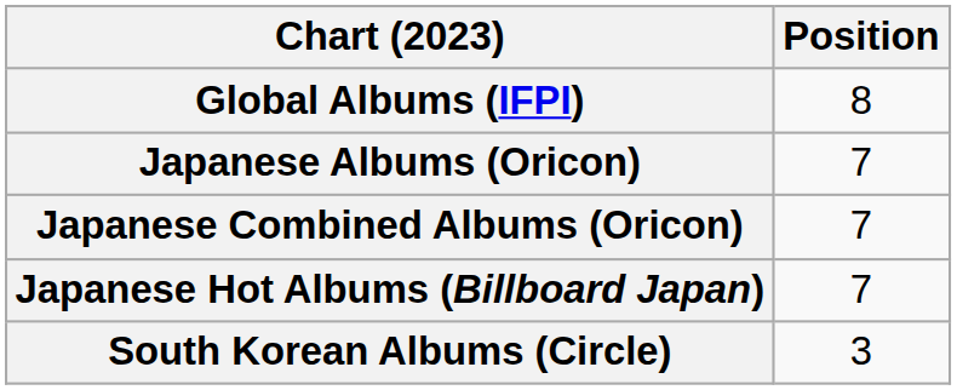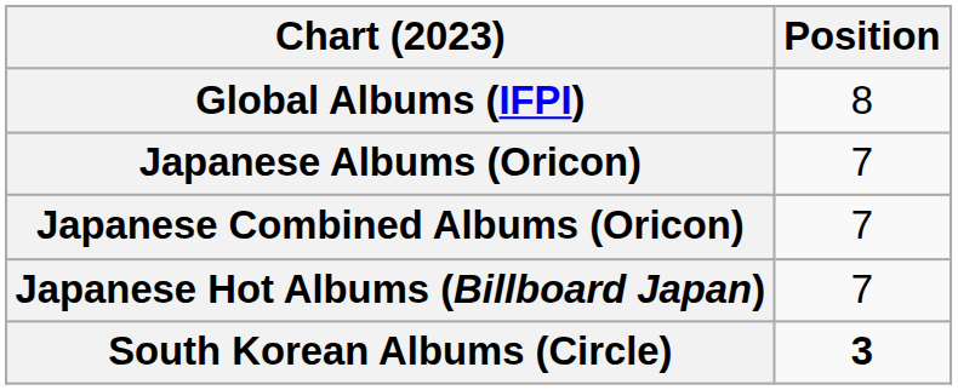 <table class="wikitable plainrowheaders sortable" style="text-align:center">
 <tr>
 <th scope="col">Chart (2023)</th>
 <th scope="col">Position</th>
 </tr>
 <tr>
 <th scope="row">Global Albums (<a href='#'>IFPI</a>)</th>
 <td>8</td>
 </tr>
 <tr>
 <th scope="row">Japanese Albums (Oricon)</th>
 <td>7</td>
 </tr>
 <tr>
 <th scope="row">Japanese Combined Albums (Oricon)</th>
 <td>7</td>
 </tr>
 <tr>
 <th scope="row">Japanese Hot Albums (<em>Billboard Japan</em>)</th>
 <td>7</td>
 </tr>
 <tr>
 <th scope="row">South Korean Albums (Circle)</th>
-<td>3</td>
+<td><strong>3</strong></td>
 </tr>
 </table>
